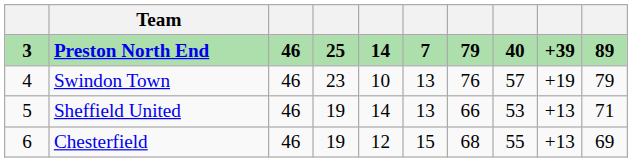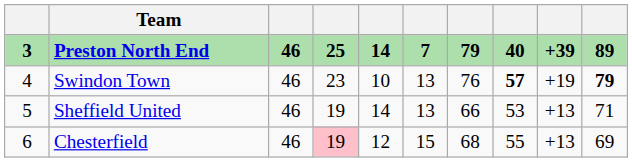 <table class="wikitable" style="text-align:center">
 <tr>
 <th width="30"></th>
 <th width="175">Team</th>
 <th width="30"></th>
 <th width="30"></th>
 <th width="30"></th>
 <th width="30"></th>
 <th width="30"></th>
 <th width="30"></th>
 <th width="30"></th>
 <th width="30"></th>
 </tr>
 <tr style="background:#ADDFAD;">
 <td><strong>3</strong></td>
 <td align=left><strong><a href='#'>Preston North End</a></strong></td>
 <td><strong>46</strong></td>
 <td><strong>25</strong></td>
 <td><strong>14</strong></td>
 <td><strong>7</strong></td>
 <td><strong>79</strong></td>
 <td><strong>40</strong></td>
 <td><strong>+39</strong></td>
 <td><strong>89</strong></td>
 </tr>
 <tr>
 <td>4</td>
 <td align=left><a href='#'>Swindon Town</a></td>
 <td>46</td>
 <td>23</td>
 <td>10</td>
 <td>13</td>
 <td>76</td>
-<td>57</td>
+<td><strong>57</strong></td>
 <td>+19</td>
-<td>79</td>
+<td><strong>79</strong></td>
 </tr>
 <tr>
 <td>5</td>
 <td align=left><a href='#'>Sheffield United</a></td>
 <td>46</td>
 <td>19</td>
 <td>14</td>
 <td>13</td>
 <td>66</td>
 <td>53</td>
 <td>+13</td>
 <td>71</td>
 </tr>
 <tr>
 <td>6</td>
 <td align=left><a href='#'>Chesterfield</a></td>
 <td>46</td>
-<td>19</td>
+<td style="background: pink;">19</td>
 <td>12</td>
 <td>15</td>
 <td>68</td>
 <td>55</td>
 <td>+13</td>
 <td>69</td>
 </tr>
 </table>
